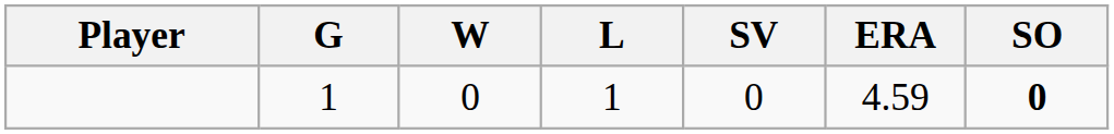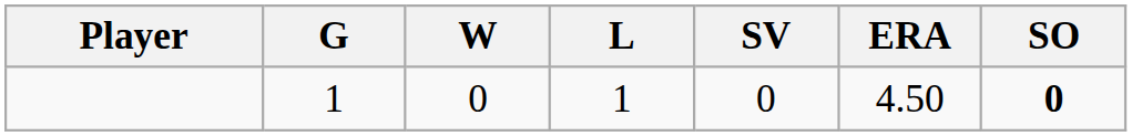 <table class="wikitable sortable">
 <tr>
 <th bgcolor="#DDDDFF" width="16%">Player</th>
 <th bgcolor="#DDDDFF" width="9%">G</th>
 <th bgcolor="#DDDDFF" width="9%">W</th>
 <th bgcolor="#DDDDFF" width="9%">L</th>
 <th bgcolor="#DDDDFF" width="9%">SV</th>
 <th bgcolor="#DDDDFF" width="9%">ERA</th>
 <th bgcolor="#DDDDFF" width="9%">SO</th>
 </tr>
 <tr align="center">
 <td></td>
 <td>1</td>
 <td>0</td>
 <td>1</td>
 <td>0</td>
-<td>4.59</td>
+<td>4.50</td>
 <td><strong>0</strong></td>
 </tr>
 </table>
